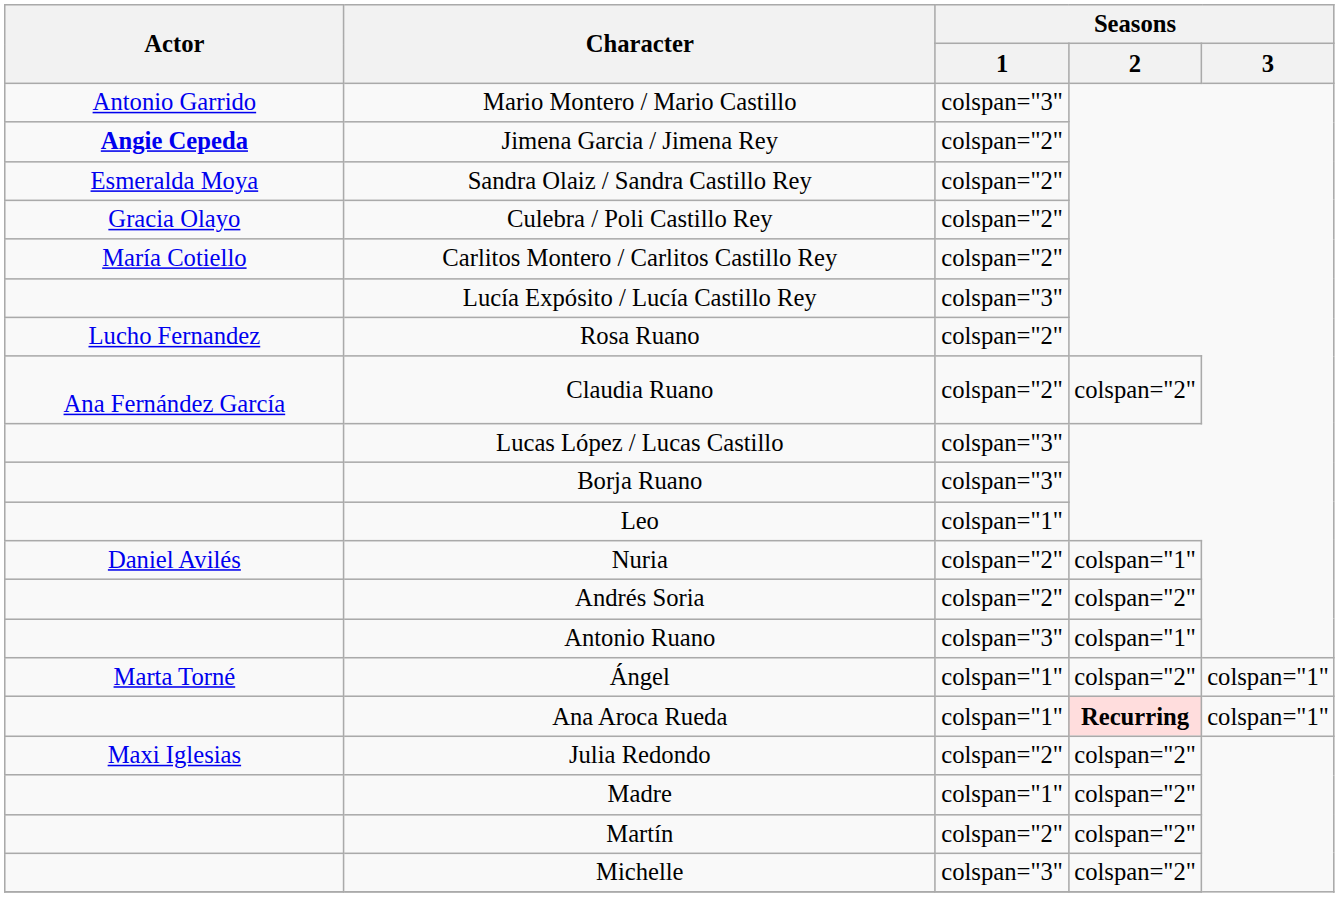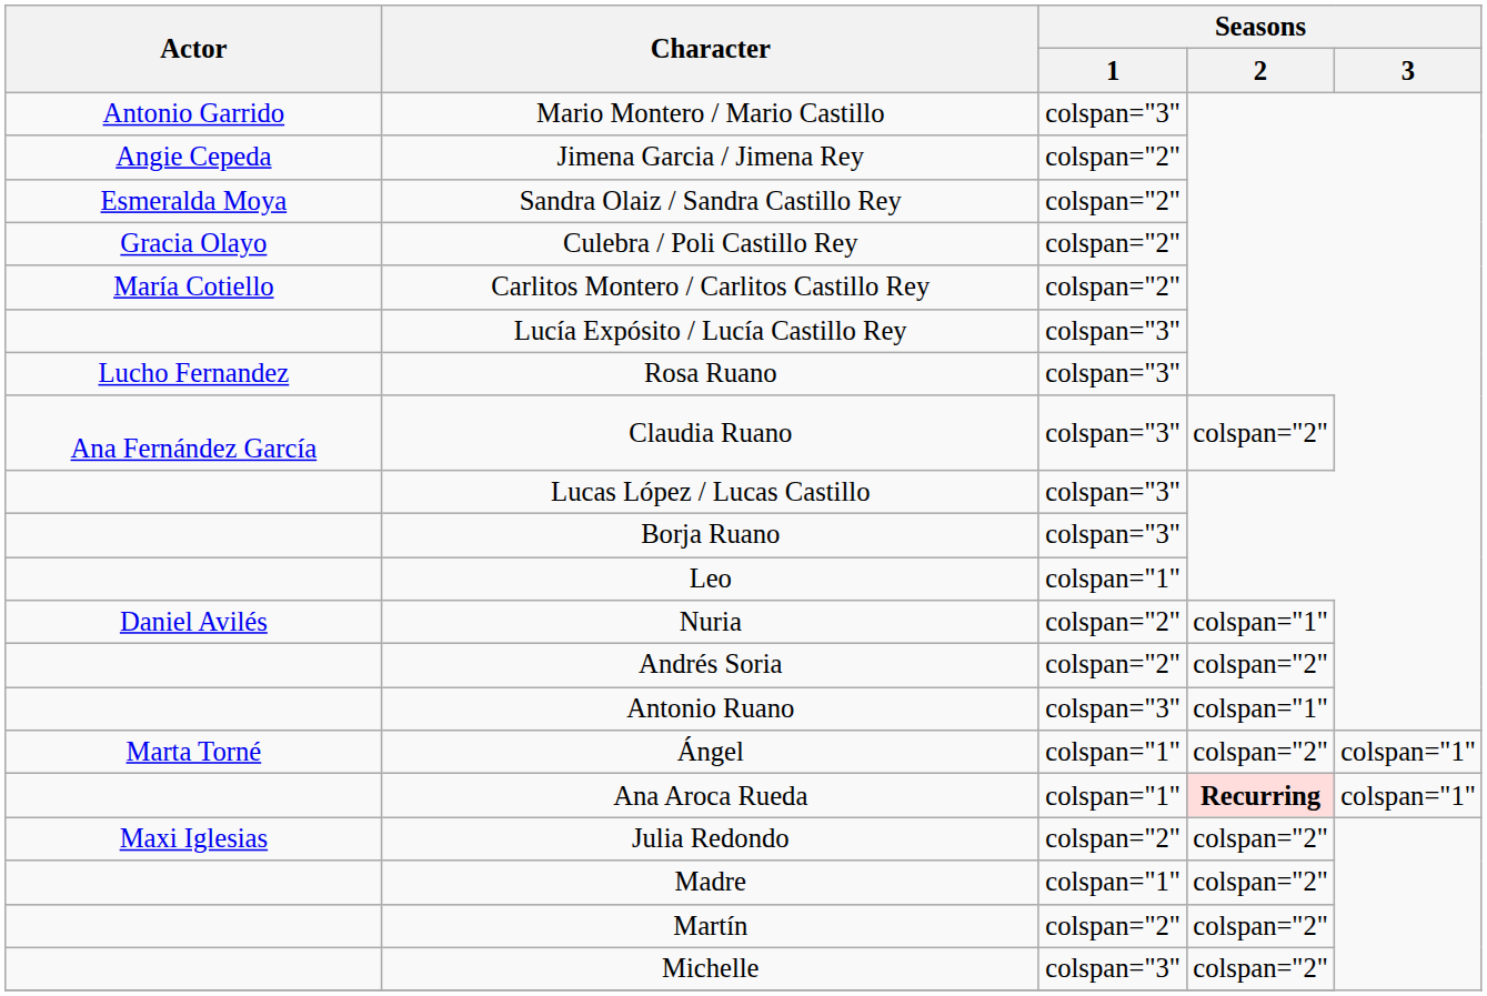 <table class="wikitable">
 <tr>
 <th rowspan="2">Actor</th>
 <th rowspan="2">Character</th>
 <th colspan="3">Seasons</th>
 </tr>
 <tr>
 <th style="width:10%;">1</th>
 <th style="width:10%;">2</th>
 <th style="width:10%;">3</th>
 </tr>
 <tr>
 <td style="text-align:center;"><a href='#'>Antonio Garrido</a></td>
 <td style="text-align:center;">Mario Montero / Mario Castillo</td>
 <td>colspan="3" </td>
 </tr>
 <tr>
-<td style="text-align:center;"><strong><a href='#'>Angie Cepeda</a></strong></td>
+<td style="text-align:center;"><a href='#'>Angie Cepeda</a></td>
 <td style="text-align:center;">Jimena Garcia / Jimena Rey</td>
 <td>colspan="2" </td>
 </tr>
 <tr>
 <td style="text-align:center;"><a href='#'>Esmeralda Moya</a></td>
 <td style="text-align:center;">Sandra Olaiz / Sandra Castillo Rey</td>
 <td>colspan="2" </td>
 </tr>
 <tr>
 <td style="text-align:center;"><a href='#'>Gracia Olayo</a></td>
 <td style="text-align:center;">Culebra / Poli Castillo Rey</td>
 <td>colspan="2" </td>
 </tr>
 <tr>
 <td style="text-align:center;"><a href='#'>María Cotiello</a></td>
 <td style="text-align:center;">Carlitos Montero / Carlitos Castillo Rey</td>
 <td>colspan="2" </td>
 </tr>
 <tr>
 <td style="text-align:center;"></td>
 <td style="text-align:center;">Lucía Expósito / Lucía Castillo Rey</td>
 <td>colspan="3" </td>
 </tr>
 <tr>
 <td style="text-align:center;"><a href='#'>Lucho Fernandez</a></td>
 <td style="text-align:center;">Rosa Ruano</td>
-<td>colspan="2" </td>
+<td>colspan="3"  <br></td>
 </tr>
 <tr>
 <td style="text-align:center;"><br><a href='#'>Ana Fernández García</a></td>
 <td style="text-align:center;">Claudia Ruano</td>
-<td>colspan="2" </td>
+<td>colspan="3" </td>
 <td>colspan="2" </td>
 </tr>
 <tr>
 <td style="text-align:center;"></td>
 <td style="text-align:center;">Lucas López / Lucas Castillo</td>
 <td>colspan="3" </td>
 </tr>
 <tr>
 <td style="text-align:center;"></td>
 <td style="text-align:center;">Borja Ruano</td>
 <td>colspan="3" </td>
 </tr>
 <tr>
 <td style="text-align:center;"></td>
 <td style="text-align:center;">Leo</td>
 <td>colspan="1" </td>
 </tr>
 <tr>
 <td style="text-align:center;"><a href='#'>Daniel Avilés</a></td>
 <td style="text-align:center;">Nuria</td>
 <td>colspan="2" </td>
 <td>colspan="1" </td>
 </tr>
 <tr>
 <td style="text-align:center;"></td>
 <td style="text-align:center;">Andrés Soria</td>
 <td>colspan="2" </td>
 <td>colspan="2" </td>
 </tr>
 <tr>
 <td style="text-align:center;"></td>
 <td style="text-align:center;">Antonio Ruano</td>
 <td>colspan="3" </td>
 <td>colspan="1" </td>
 </tr>
 <tr>
 <td style="text-align:center;"><a href='#'>Marta Torné</a></td>
 <td style="text-align:center;">Ángel</td>
 <td>colspan="1" </td>
 <td>colspan="2" </td>
 <td>colspan="1" </td>
 </tr>
 <tr>
 <td style="text-align:center;"></td>
 <td style="text-align:center;">Ana Aroca Rueda</td>
 <td>colspan="1" </td>
 <td colspan="1" style="background:#fdd; text-align:center;"><strong>Recurring</strong></td>
 <td>colspan="1" </td>
 </tr>
 <tr>
 <td style="text-align:center;"><a href='#'>Maxi Iglesias</a></td>
 <td style="text-align:center;">Julia Redondo</td>
 <td>colspan="2" </td>
 <td>colspan="2" </td>
 </tr>
 <tr>
 <td style="text-align:center;"></td>
 <td style="text-align:center;">Madre</td>
 <td>colspan="1" </td>
 <td>colspan="2" </td>
 </tr>
 <tr>
 <td style="text-align:center;"></td>
 <td style="text-align:center;">Martín</td>
 <td>colspan="2" </td>
 <td>colspan="2" </td>
 </tr>
 <tr>
 <td style="text-align:center;"></td>
 <td style="text-align:center;">Michelle</td>
 <td>colspan="3" </td>
 <td>colspan="2" </td>
 </tr>
 <tr>
 </tr>
 </table>
